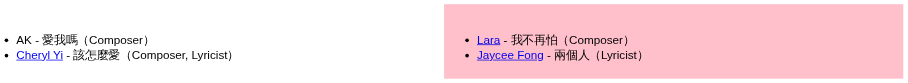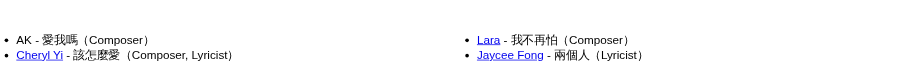 <table border="0" cellpadding="5" width="100%">
 <tr ---- valign="top">
 <td width="50%"></td>
 <td width="50%"></td>
 </tr>
 <tr ---->
 <td valign="top"><br><ul><li>AK - 愛我嗎（Composer）</li><li><a href='#'>Cheryl Yi</a> - 該怎麼愛（Composer, Lyricist）</li></ul></td>
-<td valign="top" style="background: pink;"><br><ul><li><a href='#'>Lara</a> - 我不再怕（Composer）</li><li><a href='#'>Jaycee Fong</a> - 兩個人（Lyricist）</li></ul></td>
+<td valign="top"><br><ul><li><a href='#'>Lara</a> - 我不再怕（Composer）</li><li><a href='#'>Jaycee Fong</a> - 兩個人（Lyricist）</li></ul></td>
 </tr>
 </table>
